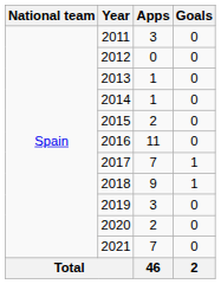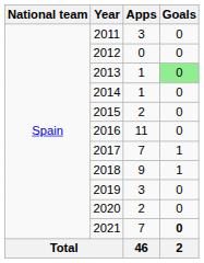 <table class="wikitable" style="text-align: center;">
 <tr>
 <th>National team</th>
 <th>Year</th>
 <th>Apps</th>
 <th>Goals</th>
 </tr>
 <tr>
 <td rowspan="11"><a href='#'>Spain</a></td>
 <td>2011</td>
 <td>3</td>
 <td>0</td>
 </tr>
 <tr>
 <td>2012</td>
 <td>0</td>
 <td>0</td>
 </tr>
 <tr>
 <td>2013</td>
 <td>1</td>
-<td>0</td>
+<td style="background: lightgreen;">0</td>
 </tr>
 <tr>
 <td>2014</td>
 <td>1</td>
 <td>0</td>
 </tr>
 <tr>
 <td>2015</td>
 <td>2</td>
 <td>0</td>
 </tr>
 <tr>
 <td>2016</td>
 <td>11</td>
 <td>0</td>
 </tr>
 <tr>
 <td>2017</td>
 <td>7</td>
 <td>1</td>
 </tr>
 <tr>
 <td>2018</td>
 <td>9</td>
 <td>1</td>
 </tr>
 <tr>
 <td>2019</td>
 <td>3</td>
 <td>0</td>
 </tr>
 <tr>
 <td>2020</td>
 <td>2</td>
 <td>0</td>
 </tr>
 <tr>
 <td>2021</td>
 <td>7</td>
-<td>0</td>
+<td><strong>0</strong></td>
 </tr>
 <tr>
 <th colspan="2">Total</th>
 <th>46</th>
 <th>2</th>
 </tr>
 </table>
